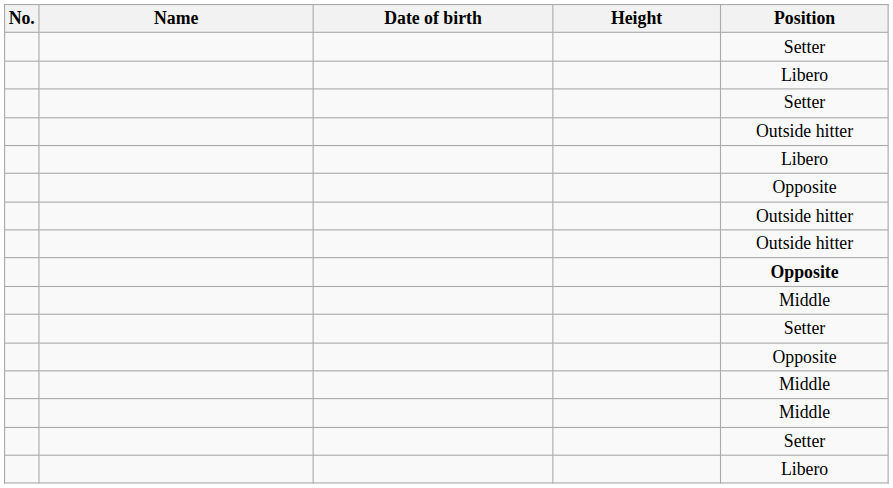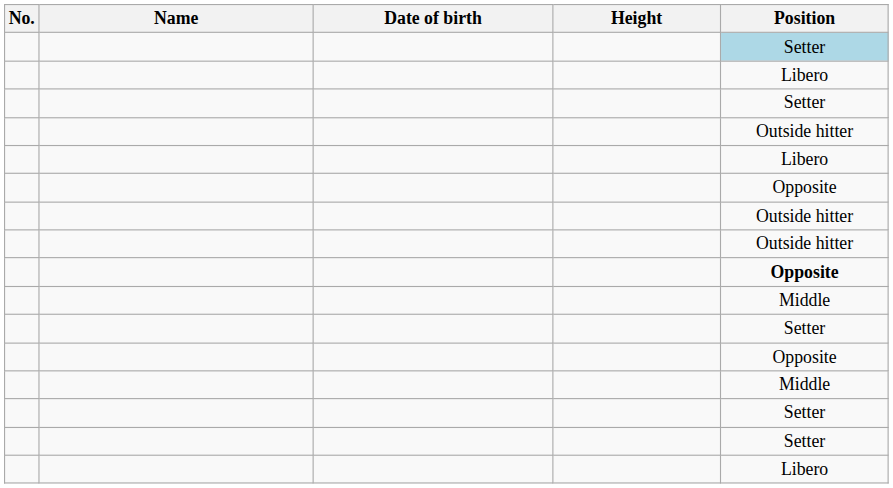 <table class="wikitable sortable" style="font-size:100%; text-align:center;">
 <tr>
 <th>No.</th>
 <th style="width:15em">Name</th>
 <th style="width:13em">Date of birth</th>
 <th style="width:9em">Height</th>
 <th style="width:9em">Position</th>
 </tr>
 <tr>
 <td></td>
 <td align=left> </td>
 <td></td>
 <td></td>
-<td>Setter</td>
+<td style="background: lightblue;">Setter</td>
 </tr>
 <tr>
 <td></td>
 <td align=left> </td>
 <td></td>
 <td></td>
 <td>Libero</td>
 </tr>
 <tr>
 <td></td>
 <td align=left> </td>
 <td></td>
 <td></td>
 <td>Setter</td>
 </tr>
 <tr>
 <td></td>
 <td align=left> </td>
 <td></td>
 <td></td>
 <td>Outside hitter</td>
 </tr>
 <tr>
 <td></td>
 <td align=left> </td>
 <td></td>
 <td></td>
 <td>Libero</td>
 </tr>
 <tr>
 <td></td>
 <td align=left> </td>
 <td></td>
 <td></td>
 <td>Opposite</td>
 </tr>
 <tr>
 <td></td>
 <td align=left> </td>
 <td></td>
 <td></td>
 <td>Outside hitter</td>
 </tr>
 <tr>
 <td></td>
 <td align=left> </td>
 <td></td>
 <td></td>
 <td>Outside hitter</td>
 </tr>
 <tr>
 <td></td>
 <td align=left> </td>
 <td></td>
 <td></td>
 <td><strong>Opposite</strong></td>
 </tr>
 <tr>
 <td></td>
 <td align=left> </td>
 <td></td>
 <td></td>
 <td>Middle</td>
 </tr>
 <tr>
 <td></td>
 <td align=left> </td>
 <td></td>
 <td></td>
 <td>Setter</td>
 </tr>
 <tr>
 <td></td>
 <td align=left> </td>
 <td></td>
 <td></td>
 <td>Opposite</td>
 </tr>
 <tr>
 <td></td>
 <td align=left> </td>
 <td></td>
 <td></td>
 <td>Middle</td>
 </tr>
 <tr>
 <td></td>
 <td align=left> </td>
 <td></td>
 <td></td>
-<td>Middle</td>
+<td>Setter</td>
 </tr>
 <tr>
 <td></td>
 <td align=left> </td>
 <td></td>
 <td></td>
 <td>Setter</td>
 </tr>
 <tr>
 <td></td>
 <td align=left> </td>
 <td></td>
 <td></td>
 <td>Libero</td>
 </tr>
 </table>
